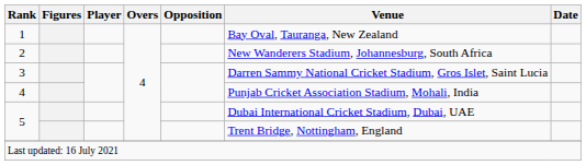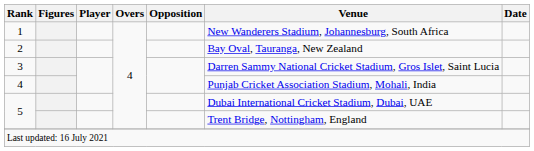 <table class="wikitable plainrowheaders sortable">
 <tr>
 <th scope=col>Rank</th>
 <th scope=col>Figures</th>
 <th scope=col>Player</th>
 <th scope=col>Overs</th>
 <th scope=col>Opposition</th>
 <th scope=col>Venue</th>
 <th scope=col>Date</th>
 </tr>
 <tr>
 <td align=center>1</td>
 <th scope=row style=text-align:center;></th>
 <td> </td>
 <td align=center rowspan=6>4</td>
 <td></td>
-<td><a href='#'>Bay Oval</a>, <a href='#'>Tauranga</a>, New Zealand</td>
+<td><a href='#'>New Wanderers Stadium</a>, <a href='#'>Johannesburg</a>, South Africa</td>
 <td></td>
 </tr>
 <tr>
 <td align=center>2</td>
 <th scope=row style=text-align:center;></th>
 <td> </td>
 <td></td>
-<td><a href='#'>New Wanderers Stadium</a>, <a href='#'>Johannesburg</a>, South Africa</td>
+<td><a href='#'>Bay Oval</a>, <a href='#'>Tauranga</a>, New Zealand</td>
 <td></td>
 </tr>
 <tr>
 <td align=center>3</td>
 <th scope=row style=text-align:center;></th>
 <td rowspan=2></td>
 <td rowspan=2></td>
 <td><a href='#'>Darren Sammy National Cricket Stadium</a>, <a href='#'>Gros Islet</a>, Saint Lucia</td>
 <td> </td>
 </tr>
 <tr>
 <td align=center>4</td>
 <th scope=row style=text-align:center;></th>
 <td><a href='#'>Punjab Cricket Association Stadium</a>, <a href='#'>Mohali</a>, India</td>
 <td> </td>
 </tr>
 <tr>
 <td align=center rowspan=2>5</td>
 <th scope=row style=text-align:center;></th>
 <td></td>
 <td></td>
 <td><a href='#'>Dubai International Cricket Stadium</a>, <a href='#'>Dubai</a>, UAE</td>
 <td></td>
 </tr>
 <tr>
 <th scope=row style=text-align:center;></th>
 <td></td>
 <td></td>
 <td><a href='#'>Trent Bridge</a>, <a href='#'>Nottingham</a>, England</td>
 <td></td>
 </tr>
 <tr>
 </tr>
 <tr class=sortbottom>
 <td colspan=7><small>Last updated: 16 July 2021</small></td>
 </tr>
 </table>
